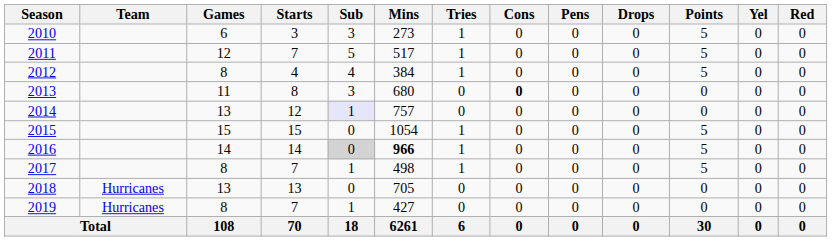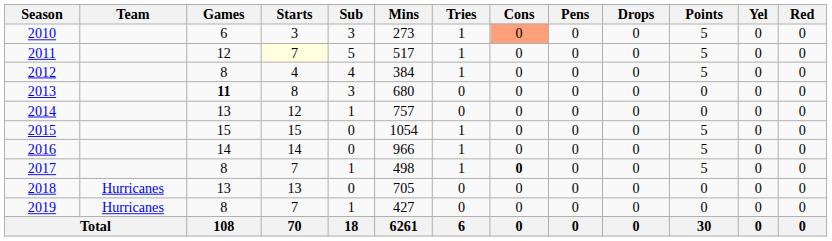 <table class="wikitable" style="text-align:center; line-height:90%; font-size:95%; width:70%;">
 <tr>
 <th>Season</th>
 <th>Team</th>
 <th>Games</th>
 <th>Starts</th>
 <th>Sub</th>
 <th>Mins</th>
 <th>Tries</th>
 <th>Cons</th>
 <th>Pens</th>
 <th>Drops</th>
 <th>Points</th>
 <th>Yel</th>
 <th>Red</th>
 </tr>
 <tr>
 <td><a href='#'>2010</a></td>
 <td></td>
 <td>6</td>
 <td>3</td>
 <td>3</td>
 <td>273</td>
 <td>1</td>
-<td>0</td>
+<td style="background: lightsalmon;">0</td>
 <td>0</td>
 <td>0</td>
 <td>5</td>
 <td>0</td>
 <td>0</td>
 </tr>
 <tr>
 <td><a href='#'>2011</a></td>
 <td></td>
 <td>12</td>
-<td>7</td>
+<td style="background: lightyellow;">7</td>
 <td>5</td>
 <td>517</td>
 <td>1</td>
 <td>0</td>
 <td>0</td>
 <td>0</td>
 <td>5</td>
 <td>0</td>
 <td>0</td>
 </tr>
 <tr>
 <td><a href='#'>2012</a></td>
 <td></td>
 <td>8</td>
 <td>4</td>
 <td>4</td>
 <td>384</td>
 <td>1</td>
 <td>0</td>
 <td>0</td>
 <td>0</td>
 <td>5</td>
 <td>0</td>
 <td>0</td>
 </tr>
 <tr>
 <td><a href='#'>2013</a></td>
 <td></td>
-<td>11</td>
+<td><strong>11</strong></td>
 <td>8</td>
 <td>3</td>
 <td>680</td>
 <td>0</td>
-<td><strong>0</strong></td>
+<td>0</td>
 <td>0</td>
 <td>0</td>
 <td>0</td>
 <td>0</td>
 <td>0</td>
 </tr>
 <tr>
 <td><a href='#'>2014</a></td>
 <td></td>
 <td>13</td>
 <td>12</td>
-<td style="background: lavender;">1</td>
+<td>1</td>
 <td>757</td>
 <td>0</td>
 <td>0</td>
 <td>0</td>
 <td>0</td>
 <td>0</td>
 <td>0</td>
 <td>0</td>
 </tr>
 <tr>
 <td><a href='#'>2015</a></td>
 <td></td>
 <td>15</td>
 <td>15</td>
 <td>0</td>
 <td>1054</td>
 <td>1</td>
 <td>0</td>
 <td>0</td>
 <td>0</td>
 <td>5</td>
 <td>0</td>
 <td>0</td>
 </tr>
 <tr>
 <td><a href='#'>2016</a></td>
 <td></td>
 <td>14</td>
 <td>14</td>
-<td style="background: lightgrey;">0</td>
-<td><strong>966</strong></td>
+<td>0</td>
+<td>966</td>
 <td>1</td>
 <td>0</td>
 <td>0</td>
 <td>0</td>
 <td>5</td>
 <td>0</td>
 <td>0</td>
 </tr>
 <tr>
 <td><a href='#'>2017</a></td>
 <td></td>
 <td>8</td>
 <td>7</td>
 <td>1</td>
 <td>498</td>
 <td>1</td>
-<td>0</td>
+<td><strong>0</strong></td>
 <td>0</td>
 <td>0</td>
 <td>5</td>
 <td>0</td>
 <td>0</td>
 </tr>
 <tr>
 <td><a href='#'>2018</a></td>
 <td><a href='#'>Hurricanes</a></td>
 <td>13</td>
 <td>13</td>
 <td>0</td>
 <td>705</td>
 <td>0</td>
 <td>0</td>
 <td>0</td>
 <td>0</td>
 <td>0</td>
 <td>0</td>
 <td>0</td>
 </tr>
 <tr>
 <td><a href='#'>2019</a></td>
 <td><a href='#'>Hurricanes</a></td>
 <td>8</td>
 <td>7</td>
 <td>1</td>
 <td>427</td>
 <td>0</td>
 <td>0</td>
 <td>0</td>
 <td>0</td>
 <td>0</td>
 <td>0</td>
 <td>0</td>
 </tr>
 <tr>
 <th colspan="2">Total</th>
 <th>108</th>
 <th>70</th>
 <th>18</th>
 <th>6261</th>
 <th>6</th>
 <th>0</th>
 <th>0</th>
 <th>0</th>
 <th>30</th>
 <th>0</th>
 <th>0</th>
 </tr>
 </table>
